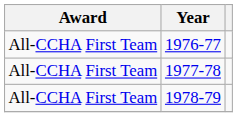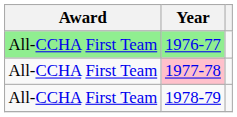 <table class="wikitable">
 <tr>
 <th>Award</th>
 <th>Year</th>
 <th></th>
 </tr>
 <tr>
-<td>All-<a href='#'>CCHA</a> <a href='#'>First Team</a></td>
-<td><a href='#'>1976-77</a></td>
+<td style="background: lightgreen;">All-<a href='#'>CCHA</a> <a href='#'>First Team</a></td>
+<td style="background: lightgreen;"><a href='#'>1976-77</a></td>
 <td></td>
 </tr>
 <tr>
 <td>All-<a href='#'>CCHA</a> <a href='#'>First Team</a></td>
-<td><a href='#'>1977-78</a></td>
+<td style="background: pink;"><a href='#'>1977-78</a></td>
 <td></td>
 </tr>
 <tr>
 <td>All-<a href='#'>CCHA</a> <a href='#'>First Team</a></td>
 <td><a href='#'>1978-79</a></td>
 <td></td>
 </tr>
 <tr>
 </tr>
 </table>
